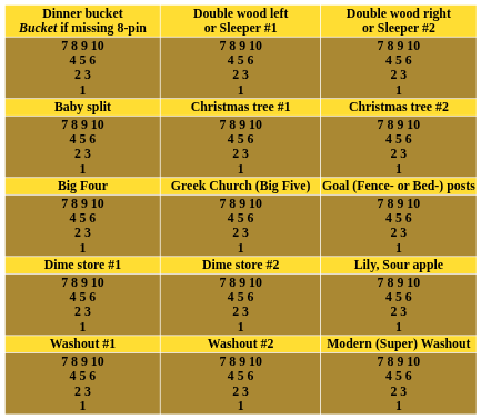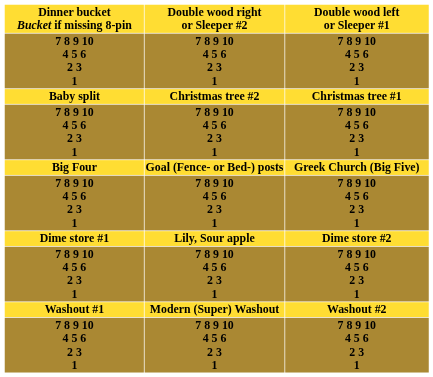 <table cellspacing="1" style="text-align:center; font-weight:bold">
 <tr style="background:#fd3">
 <th style="width:33%">Dinner bucket<br><em>Bucket</em> if missing 8-pin</th>
+<th style="width:33%">Double wood right<br>or Sleeper #2</th>
 <th style="width:34%">Double wood left<br>or Sleeper #1</th>
-<th style="width:33%">Double wood right<br>or Sleeper #2</th>
 </tr>
 <tr style="background:#a83">
 <td>7 <span>8</span> 9 10<br><span>4 5</span> 6<br><span>2</span> 3<br>1</td>
+<td>7 8 <span>9</span> 10<br>4 5 6<br>2 <span>3</span><br>1</td>
 <td>7 <span>8</span> 9 10<br>4 5 6<br><span>2</span> 3<br>1</td>
-<td>7 8 <span>9</span> 10<br>4 5 6<br>2 <span>3</span><br>1</td>
 </tr>
 <tr style="background:#fd3">
 <th>Baby split</th>
+<th>Christmas tree #2</th>
 <th>Christmas tree #1</th>
-<th>Christmas tree #2</th>
 </tr>
 <tr style="background:#a83">
 <td>7 8 9 <span>10</span><br>4 5 6<br>2 <span>3</span><br>1</td>
+<td><span>7</span> 8 9 <span>10</span><br>4 5 6<br>2 <span>3</span><br>1</td>
 <td><span>7</span> 8 9 <span>10</span><br>4 5 6<br><span>2</span> 3<br>1</td>
-<td><span>7</span> 8 9 <span>10</span><br>4 5 6<br>2 <span>3</span><br>1</td>
 </tr>
 <tr style="background:#fd3">
 <th>Big Four</th>
+<th>Goal (Fence- or Bed-) posts</th>
 <th>Greek Church (Big Five)</th>
-<th>Goal (Fence- or Bed-) posts</th>
 </tr>
 <tr style="background:#a83">
 <td><span>7</span> 8 9 <span>10</span><br><span>4</span> 5 <span>6</span><br>2 3<br>1</td>
+<td><span>7</span> 8 9 <span>10</span><br>4 5 6<br>2 3<br>1</td>
 <td><span>7</span> 8 <span>9 10</span><br><span>4</span> 5 <span>6</span><br>2 3<br>1</td>
-<td><span>7</span> 8 9 <span>10</span><br>4 5 6<br>2 3<br>1</td>
 </tr>
 <tr style="background:#fd3">
 <th>Dime store #1</th>
+<th>Lily, Sour apple</th>
 <th>Dime store #2</th>
-<th>Lily, Sour apple</th>
 </tr>
 <tr style="background:#a83">
 <td>7 8 9 <span>10</span><br>4 <span>5</span> 6<br>2 3<br>1</td>
+<td><span>7</span> 8 9 <span>10</span><br>4 <span>5</span> 6<br>2 3<br>1</td>
 <td><span>7</span> 8 9 10<br>4 <span>5</span> 6<br>2 3<br>1</td>
-<td><span>7</span> 8 9 <span>10</span><br>4 <span>5</span> 6<br>2 3<br>1</td>
 </tr>
 <tr style="background:#fd3">
 <th>Washout #1</th>
+<th>Modern (Super) Washout</th>
 <th>Washout #2</th>
-<th>Modern (Super) Washout</th>
 </tr>
 <tr style="background:#a83">
 <td>7 8 9 <span>10</span><br><span>4</span> 5 6<br><span>2</span> 3<br><span>1</span></td>
+<td>7 8 9 <span>10</span><br><span>4</span> 5 <span>6</span><br><span>2</span> 3<br><span>1</span></td>
 <td>7 8 9 <span>10</span><br>4 5 6<br><span>2</span> 3<br><span>1</span></td>
-<td>7 8 9 <span>10</span><br><span>4</span> 5 <span>6</span><br><span>2</span> 3<br><span>1</span></td>
 </tr>
 </table>
